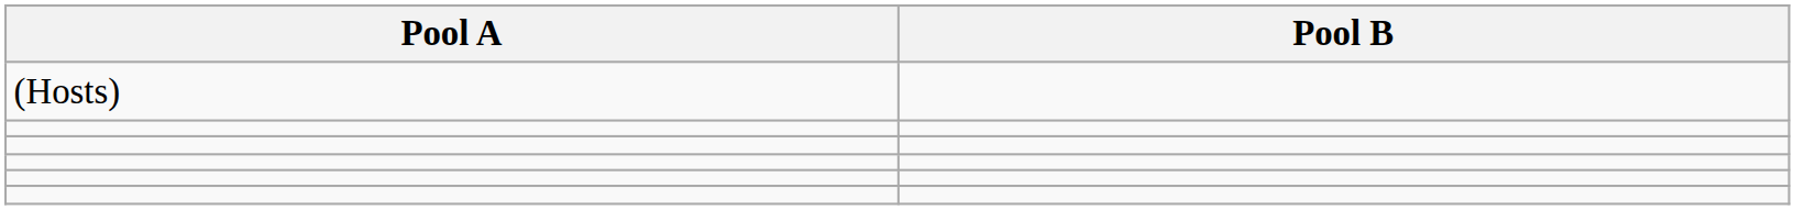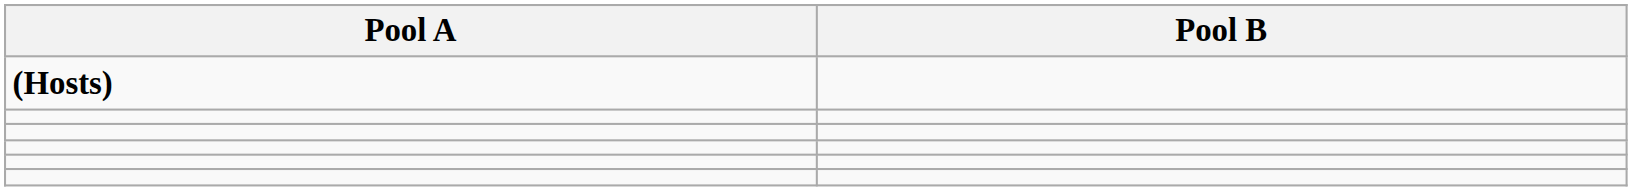 <table class="wikitable" width=50%>
 <tr>
 <th width=50%>Pool A</th>
 <th width=50%>Pool B</th>
 </tr>
 <tr>
-<td> (Hosts)</td>
+<td><strong> (Hosts)</strong></td>
 <td></td>
 </tr>
 <tr>
 <td></td>
 <td></td>
 </tr>
 <tr>
 <td></td>
 <td></td>
 </tr>
 <tr>
 <td></td>
 <td></td>
 </tr>
 <tr>
 <td></td>
 <td></td>
 </tr>
 <tr>
 <td></td>
 <td></td>
 </tr>
 </table>
